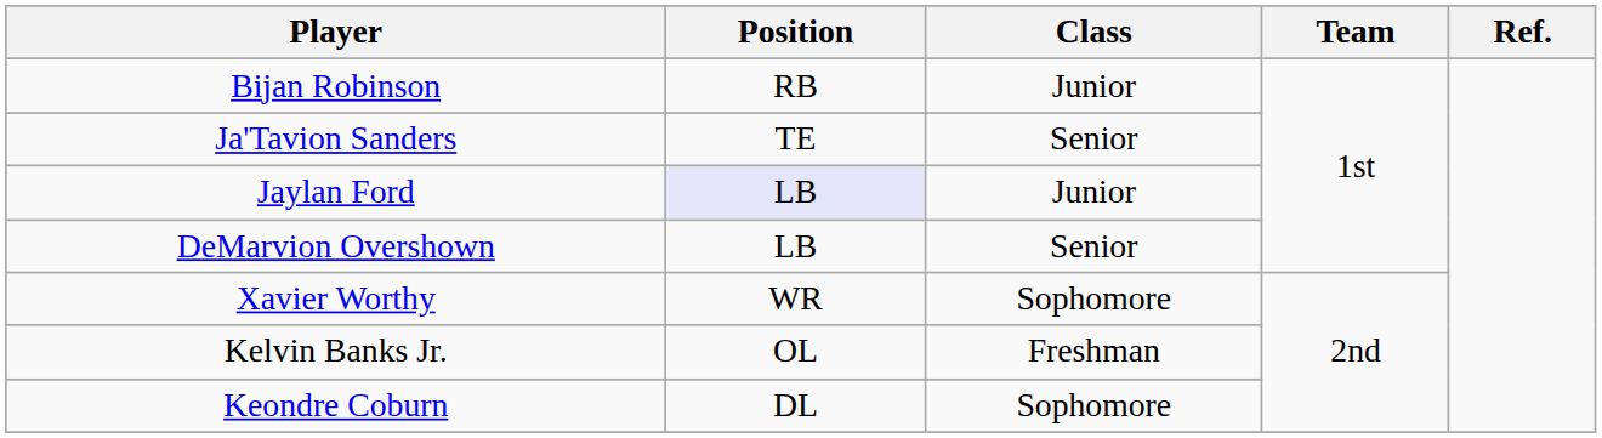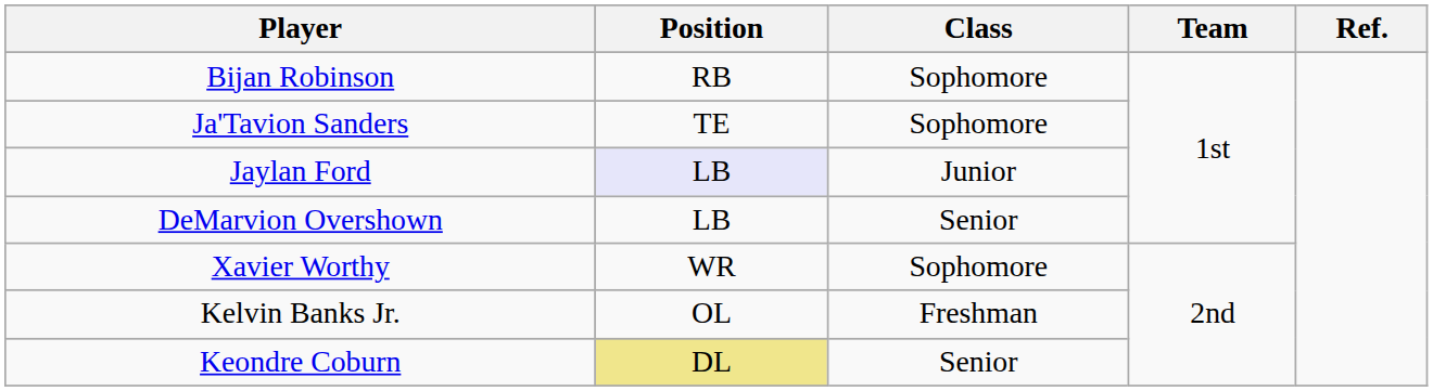 <table class="wikitable" style="width: 60%;text-align: center;">
 <tr>
 <th>Player</th>
 <th>Position</th>
 <th>Class</th>
 <th>Team</th>
 <th>Ref.</th>
 </tr>
 <tr align="center">
 <td><a href='#'>Bijan Robinson</a></td>
 <td>RB</td>
-<td>Junior</td>
+<td>Sophomore</td>
 <td rowspan="4">1st</td>
 <td rowspan="7"></td>
 </tr>
 <tr align="center">
 <td><a href='#'>Ja'Tavion Sanders</a></td>
 <td>TE</td>
-<td>Senior</td>
+<td>Sophomore</td>
 </tr>
 <tr align="center">
 <td><a href='#'>Jaylan Ford</a></td>
 <td style="background: lavender;">LB</td>
 <td>Junior</td>
 </tr>
 <tr align="center">
 <td><a href='#'>DeMarvion Overshown</a></td>
 <td>LB</td>
 <td>Senior</td>
 </tr>
 <tr align="center">
 <td><a href='#'>Xavier Worthy</a></td>
 <td>WR</td>
 <td>Sophomore</td>
 <td rowspan="3">2nd</td>
 </tr>
 <tr align="center">
 <td>Kelvin Banks Jr.</td>
 <td>OL</td>
 <td>Freshman</td>
 </tr>
 <tr align="center">
 <td><a href='#'>Keondre Coburn</a></td>
-<td>DL</td>
-<td>Sophomore</td>
+<td style="background: khaki;">DL</td>
+<td>Senior</td>
 </tr>
 </table>
